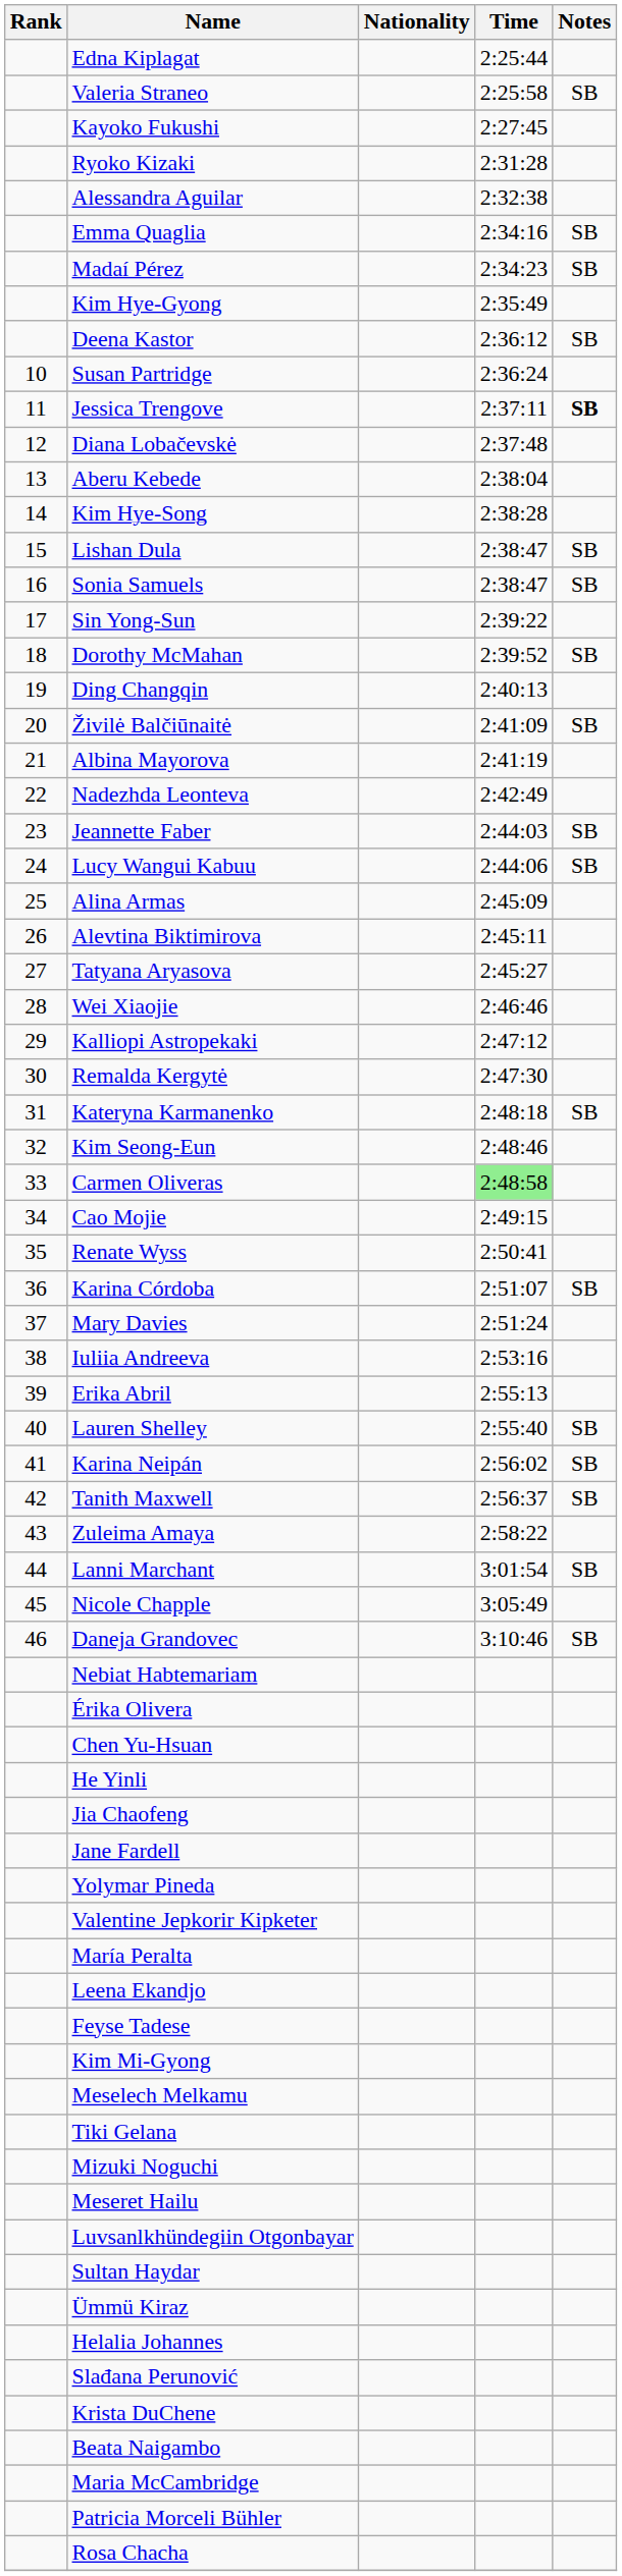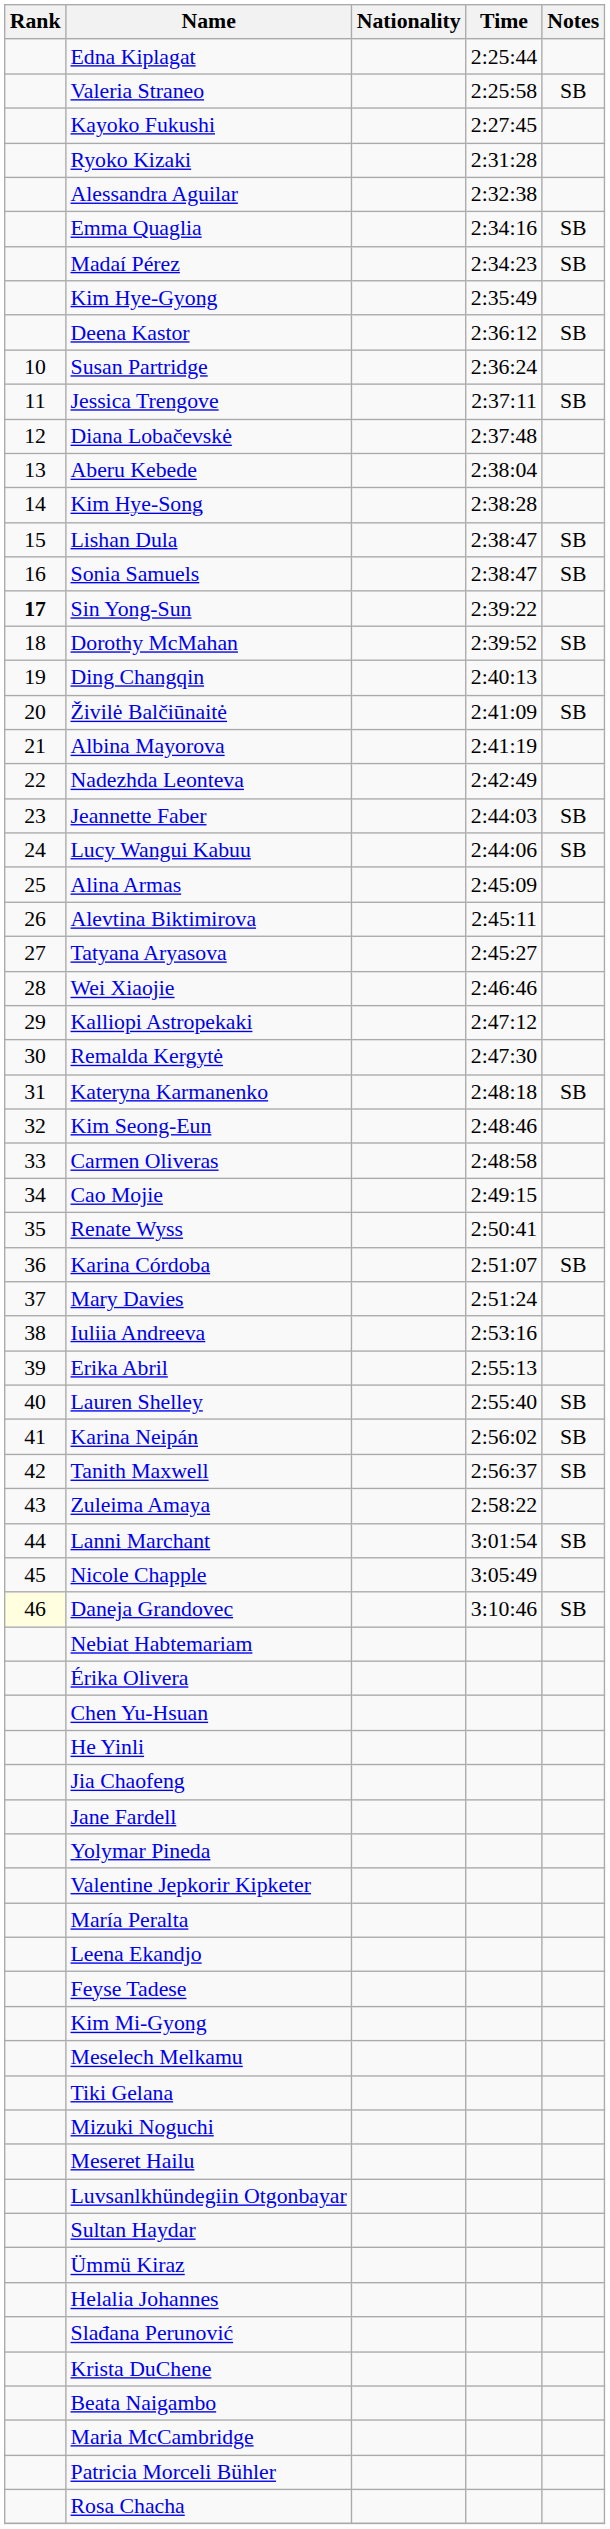 <table class="wikitable sortable" style="text-align:center">
 <tr>
 <th>Rank</th>
 <th>Name</th>
 <th>Nationality</th>
 <th>Time</th>
 <th>Notes</th>
 </tr>
 <tr>
 <td></td>
 <td align=left><a href='#'>Edna Kiplagat</a></td>
 <td align=left></td>
 <td>2:25:44</td>
 <td></td>
 </tr>
 <tr>
 <td></td>
 <td align=left><a href='#'>Valeria Straneo</a></td>
 <td align=left></td>
 <td>2:25:58</td>
 <td>SB</td>
 </tr>
 <tr>
 <td></td>
 <td align=left><a href='#'>Kayoko Fukushi</a></td>
 <td align=left></td>
 <td>2:27:45</td>
 <td></td>
 </tr>
 <tr>
 <td></td>
 <td align=left><a href='#'>Ryoko Kizaki</a></td>
 <td align=left></td>
 <td>2:31:28</td>
 <td></td>
 </tr>
 <tr>
 <td></td>
 <td align=left><a href='#'>Alessandra Aguilar</a></td>
 <td align=left></td>
 <td>2:32:38</td>
 <td></td>
 </tr>
 <tr>
 <td></td>
 <td align=left><a href='#'>Emma Quaglia</a></td>
 <td align=left></td>
 <td>2:34:16</td>
 <td>SB</td>
 </tr>
 <tr>
 <td></td>
 <td align=left><a href='#'>Madaí Pérez</a></td>
 <td align=left></td>
 <td>2:34:23</td>
 <td>SB</td>
 </tr>
 <tr>
 <td></td>
 <td align=left><a href='#'>Kim Hye-Gyong</a></td>
 <td align=left></td>
 <td>2:35:49</td>
 <td></td>
 </tr>
 <tr>
 <td></td>
 <td align=left><a href='#'>Deena Kastor</a></td>
 <td align=left></td>
 <td>2:36:12</td>
 <td>SB</td>
 </tr>
 <tr>
 <td>10</td>
 <td align=left><a href='#'>Susan Partridge</a></td>
 <td align=left></td>
 <td>2:36:24</td>
 <td></td>
 </tr>
 <tr>
 <td>11</td>
 <td align=left><a href='#'>Jessica Trengove</a></td>
 <td align=left></td>
 <td>2:37:11</td>
-<td><strong>SB</strong></td>
+<td>SB</td>
 </tr>
 <tr>
 <td>12</td>
 <td align=left><a href='#'>Diana Lobačevskė</a></td>
 <td align=left></td>
 <td>2:37:48</td>
 <td></td>
 </tr>
 <tr>
 <td>13</td>
 <td align=left><a href='#'>Aberu Kebede</a></td>
 <td align=left></td>
 <td>2:38:04</td>
 <td></td>
 </tr>
 <tr>
 <td>14</td>
 <td align=left><a href='#'>Kim Hye-Song</a></td>
 <td align=left></td>
 <td>2:38:28</td>
 <td></td>
 </tr>
 <tr>
 <td>15</td>
 <td align=left><a href='#'>Lishan Dula</a></td>
 <td align=left></td>
 <td>2:38:47</td>
 <td>SB</td>
 </tr>
 <tr>
 <td>16</td>
 <td align=left><a href='#'>Sonia Samuels</a></td>
 <td align=left></td>
 <td>2:38:47</td>
 <td>SB</td>
 </tr>
 <tr>
-<td>17</td>
+<td><strong>17</strong></td>
 <td align=left><a href='#'>Sin Yong-Sun</a></td>
 <td align=left></td>
 <td>2:39:22</td>
 <td></td>
 </tr>
 <tr>
 <td>18</td>
 <td align=left><a href='#'>Dorothy McMahan</a></td>
 <td align=left></td>
 <td>2:39:52</td>
 <td>SB</td>
 </tr>
 <tr>
 <td>19</td>
 <td align=left><a href='#'>Ding Changqin</a></td>
 <td align=left></td>
 <td>2:40:13</td>
 <td></td>
 </tr>
 <tr>
 <td>20</td>
 <td align=left><a href='#'>Živilė Balčiūnaitė</a></td>
 <td align=left></td>
 <td>2:41:09</td>
 <td>SB</td>
 </tr>
 <tr>
 <td>21</td>
 <td align=left><a href='#'>Albina Mayorova</a></td>
 <td align=left></td>
 <td>2:41:19</td>
 <td></td>
 </tr>
 <tr>
 <td>22</td>
 <td align=left><a href='#'>Nadezhda Leonteva</a></td>
 <td align=left></td>
 <td>2:42:49</td>
 <td></td>
 </tr>
 <tr>
 <td>23</td>
 <td align=left><a href='#'>Jeannette Faber</a></td>
 <td align=left></td>
 <td>2:44:03</td>
 <td>SB</td>
 </tr>
 <tr>
 <td>24</td>
 <td align=left><a href='#'>Lucy Wangui Kabuu</a></td>
 <td align=left></td>
 <td>2:44:06</td>
 <td>SB</td>
 </tr>
 <tr>
 <td>25</td>
 <td align=left><a href='#'>Alina Armas</a></td>
 <td align=left></td>
 <td>2:45:09</td>
 <td></td>
 </tr>
 <tr>
 <td>26</td>
 <td align=left><a href='#'>Alevtina Biktimirova</a></td>
 <td align=left></td>
 <td>2:45:11</td>
 <td></td>
 </tr>
 <tr>
 <td>27</td>
 <td align=left><a href='#'>Tatyana Aryasova</a></td>
 <td align=left></td>
 <td>2:45:27</td>
 <td></td>
 </tr>
 <tr>
 <td>28</td>
 <td align=left><a href='#'>Wei Xiaojie</a></td>
 <td align=left></td>
 <td>2:46:46</td>
 <td></td>
 </tr>
 <tr>
 <td>29</td>
 <td align=left><a href='#'>Kalliopi Astropekaki</a></td>
 <td align=left></td>
 <td>2:47:12</td>
 <td></td>
 </tr>
 <tr>
 <td>30</td>
 <td align=left><a href='#'>Remalda Kergytė</a></td>
 <td align=left></td>
 <td>2:47:30</td>
 <td></td>
 </tr>
 <tr>
 <td>31</td>
 <td align=left><a href='#'>Kateryna Karmanenko</a></td>
 <td align=left></td>
 <td>2:48:18</td>
 <td>SB</td>
 </tr>
 <tr>
 <td>32</td>
 <td align=left><a href='#'>Kim Seong-Eun</a></td>
 <td align=left></td>
 <td>2:48:46</td>
 <td></td>
 </tr>
 <tr>
 <td>33</td>
 <td align=left><a href='#'>Carmen Oliveras</a></td>
 <td align=left></td>
-<td style="background: lightgreen;">2:48:58</td>
+<td>2:48:58</td>
 <td></td>
 </tr>
 <tr>
 <td>34</td>
 <td align=left><a href='#'>Cao Mojie</a></td>
 <td align=left></td>
 <td>2:49:15</td>
 <td></td>
 </tr>
 <tr>
 <td>35</td>
 <td align=left><a href='#'>Renate Wyss</a></td>
 <td align=left></td>
 <td>2:50:41</td>
 <td></td>
 </tr>
 <tr>
 <td>36</td>
 <td align=left><a href='#'>Karina Córdoba</a></td>
 <td align=left></td>
 <td>2:51:07</td>
 <td>SB</td>
 </tr>
 <tr>
 <td>37</td>
 <td align=left><a href='#'>Mary Davies</a></td>
 <td align=left></td>
 <td>2:51:24</td>
 <td></td>
 </tr>
 <tr>
 <td>38</td>
 <td align=left><a href='#'>Iuliia Andreeva</a></td>
 <td align=left></td>
 <td>2:53:16</td>
 <td></td>
 </tr>
 <tr>
 <td>39</td>
 <td align=left><a href='#'>Erika Abril</a></td>
 <td align=left></td>
 <td>2:55:13</td>
 <td></td>
 </tr>
 <tr>
 <td>40</td>
 <td align=left><a href='#'>Lauren Shelley</a></td>
 <td align=left></td>
 <td>2:55:40</td>
 <td>SB</td>
 </tr>
 <tr>
 <td>41</td>
 <td align=left><a href='#'>Karina Neipán</a></td>
 <td align=left></td>
 <td>2:56:02</td>
 <td>SB</td>
 </tr>
 <tr>
 <td>42</td>
 <td align=left><a href='#'>Tanith Maxwell</a></td>
 <td align=left></td>
 <td>2:56:37</td>
 <td>SB</td>
 </tr>
 <tr>
 <td>43</td>
 <td align=left><a href='#'>Zuleima Amaya</a></td>
 <td align=left></td>
 <td>2:58:22</td>
 <td></td>
 </tr>
 <tr>
 <td>44</td>
 <td align=left><a href='#'>Lanni Marchant</a></td>
 <td align=left></td>
 <td>3:01:54</td>
 <td>SB</td>
 </tr>
 <tr>
 <td>45</td>
 <td align=left><a href='#'>Nicole Chapple</a></td>
 <td align=left></td>
 <td>3:05:49</td>
 <td></td>
 </tr>
 <tr>
-<td>46</td>
+<td style="background: lightyellow;">46</td>
 <td align=left><a href='#'>Daneja Grandovec</a></td>
 <td align=left></td>
 <td>3:10:46</td>
 <td>SB</td>
 </tr>
 <tr>
 <td></td>
 <td align=left><a href='#'>Nebiat Habtemariam</a></td>
 <td align=left></td>
 <td></td>
 <td></td>
 </tr>
 <tr>
 <td></td>
 <td align=left><a href='#'>Érika Olivera</a></td>
 <td align=left></td>
 <td></td>
 <td></td>
 </tr>
 <tr>
 <td></td>
 <td align=left><a href='#'>Chen Yu-Hsuan</a></td>
 <td align=left></td>
 <td></td>
 <td></td>
 </tr>
 <tr>
 <td></td>
 <td align=left><a href='#'>He Yinli</a></td>
 <td align=left></td>
 <td></td>
 <td></td>
 </tr>
 <tr>
 <td></td>
 <td align=left><a href='#'>Jia Chaofeng</a></td>
 <td align=left></td>
 <td></td>
 <td></td>
 </tr>
 <tr>
 <td></td>
 <td align=left><a href='#'>Jane Fardell</a></td>
 <td align=left></td>
 <td></td>
 <td></td>
 </tr>
 <tr>
 <td></td>
 <td align=left><a href='#'>Yolymar Pineda</a></td>
 <td align=left></td>
 <td></td>
 <td></td>
 </tr>
 <tr>
 <td></td>
 <td align=left><a href='#'>Valentine Jepkorir Kipketer</a></td>
 <td align=left></td>
 <td></td>
 <td></td>
 </tr>
 <tr>
 <td></td>
 <td align=left><a href='#'>María Peralta</a></td>
 <td align=left></td>
 <td></td>
 <td></td>
 </tr>
 <tr>
 <td></td>
 <td align=left><a href='#'>Leena Ekandjo</a></td>
 <td align=left></td>
 <td></td>
 <td></td>
 </tr>
 <tr>
 <td></td>
 <td align=left><a href='#'>Feyse Tadese</a></td>
 <td align=left></td>
 <td></td>
 <td></td>
 </tr>
 <tr>
 <td></td>
 <td align=left><a href='#'>Kim Mi-Gyong</a></td>
 <td align=left></td>
 <td></td>
 <td></td>
 </tr>
 <tr>
 <td></td>
 <td align=left><a href='#'>Meselech Melkamu</a></td>
 <td align=left></td>
 <td></td>
 <td></td>
 </tr>
 <tr>
 <td></td>
 <td align=left><a href='#'>Tiki Gelana</a></td>
 <td align=left></td>
 <td></td>
 <td></td>
 </tr>
 <tr>
 <td></td>
 <td align=left><a href='#'>Mizuki Noguchi</a></td>
 <td align=left></td>
 <td></td>
 <td></td>
 </tr>
 <tr>
 <td></td>
 <td align=left><a href='#'>Meseret Hailu</a></td>
 <td align=left></td>
 <td></td>
 <td></td>
 </tr>
 <tr>
 <td></td>
 <td align=left><a href='#'>Luvsanlkhündegiin Otgonbayar</a></td>
 <td align=left></td>
 <td></td>
 <td></td>
 </tr>
 <tr>
 <td></td>
 <td align=left><a href='#'>Sultan Haydar</a></td>
 <td align=left></td>
 <td></td>
 <td></td>
 </tr>
 <tr>
 <td></td>
 <td align=left><a href='#'>Ümmü Kiraz</a></td>
 <td align=left></td>
 <td></td>
 <td></td>
 </tr>
 <tr>
 <td></td>
 <td align=left><a href='#'>Helalia Johannes</a></td>
 <td align=left></td>
 <td></td>
 <td></td>
 </tr>
 <tr>
 <td></td>
 <td align=left><a href='#'>Slađana Perunović</a></td>
 <td align=left></td>
 <td></td>
 <td></td>
 </tr>
 <tr>
 <td></td>
 <td align=left><a href='#'>Krista DuChene</a></td>
 <td align=left></td>
 <td></td>
 <td></td>
 </tr>
 <tr>
 <td></td>
 <td align=left><a href='#'>Beata Naigambo</a></td>
 <td align=left></td>
 <td></td>
 <td></td>
 </tr>
 <tr>
 <td></td>
 <td align=left><a href='#'>Maria McCambridge</a></td>
 <td align=left></td>
 <td></td>
 <td></td>
 </tr>
 <tr>
 <td></td>
 <td align=left><a href='#'>Patricia Morceli Bühler</a></td>
 <td align=left></td>
 <td></td>
 <td></td>
 </tr>
 <tr>
 <td></td>
 <td align=left><a href='#'>Rosa Chacha</a></td>
 <td align=left></td>
 <td></td>
 <td></td>
 </tr>
 <tr>
 </tr>
 </table>
